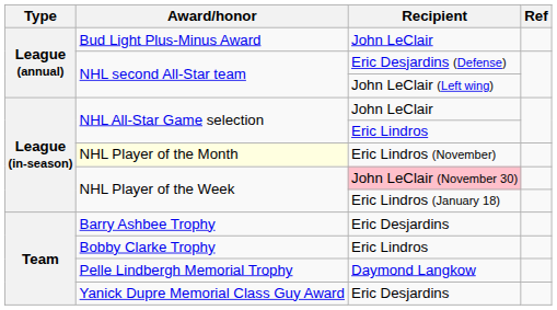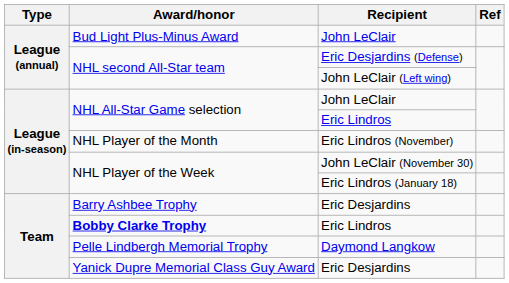 <table class="wikitable">
 <tr>
 <th scope="col">Type</th>
 <th scope="col">Award/honor</th>
 <th scope="col">Recipient</th>
 <th scope="col">Ref</th>
 </tr>
 <tr>
 <th scope="row" rowspan="3">League<br><small>(annual)</small></th>
 <td><a href='#'>Bud Light Plus-Minus Award</a></td>
 <td><a href='#'>John LeClair</a></td>
 <td></td>
 </tr>
 <tr>
 <td rowspan="2"><a href='#'>NHL second All-Star team</a></td>
 <td><a href='#'>Eric Desjardins</a> <small>(<a href='#'>Defense</a>)</small></td>
 <td rowspan="2"></td>
 </tr>
 <tr>
 <td>John LeClair <small>(<a href='#'>Left wing</a>)</small></td>
 </tr>
 <tr>
 <th scope="row" rowspan="5">League<br><small>(in-season)</small></th>
 <td rowspan="2"><a href='#'>NHL All-Star Game</a> selection</td>
 <td>John LeClair</td>
 <td rowspan="2"></td>
 </tr>
 <tr>
 <td><a href='#'>Eric Lindros</a></td>
 </tr>
 <tr>
-<td style="background: lightyellow;">NHL Player of the Month</td>
+<td>NHL Player of the Month</td>
 <td>Eric Lindros <small>(November)</small></td>
 <td></td>
 </tr>
 <tr>
 <td rowspan="2">NHL Player of the Week</td>
-<td style="background: pink;">John LeClair <small>(November 30)</small></td>
+<td>John LeClair <small>(November 30)</small></td>
 <td></td>
 </tr>
 <tr>
 <td>Eric Lindros <small>(January 18)</small></td>
 <td></td>
 </tr>
 <tr>
 <th scope="row" rowspan="4">Team</th>
 <td><a href='#'>Barry Ashbee Trophy</a></td>
 <td>Eric Desjardins</td>
 <td></td>
 </tr>
 <tr>
-<td><a href='#'>Bobby Clarke Trophy</a></td>
+<td><strong><a href='#'>Bobby Clarke Trophy</a></strong></td>
 <td>Eric Lindros</td>
 <td></td>
 </tr>
 <tr>
 <td><a href='#'>Pelle Lindbergh Memorial Trophy</a></td>
 <td><a href='#'>Daymond Langkow</a></td>
 <td></td>
 </tr>
 <tr>
 <td><a href='#'>Yanick Dupre Memorial Class Guy Award</a></td>
 <td>Eric Desjardins</td>
 <td></td>
 </tr>
 </table>
